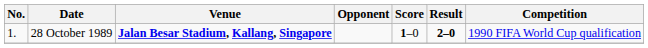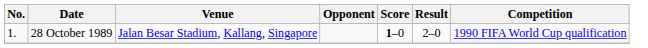 <table class="wikitable">
 <tr>
 <th>No.</th>
 <th>Date</th>
 <th>Venue</th>
 <th>Opponent</th>
 <th>Score</th>
 <th>Result</th>
 <th>Competition</th>
 </tr>
 <tr>
 <td>1.</td>
 <td>28 October 1989</td>
-<td><strong><a href='#'>Jalan Besar Stadium</a>, <a href='#'>Kallang</a>, <a href='#'>Singapore</a></strong></td>
+<td><a href='#'>Jalan Besar Stadium</a>, <a href='#'>Kallang</a>, <a href='#'>Singapore</a></td>
 <td></td>
 <td align=center><strong>1</strong>–0</td>
-<td align=center><strong>2–0</strong></td>
+<td align=center>2–0</td>
 <td><a href='#'>1990 FIFA World Cup qualification</a></td>
 </tr>
 <tr>
 </tr>
 </table>
